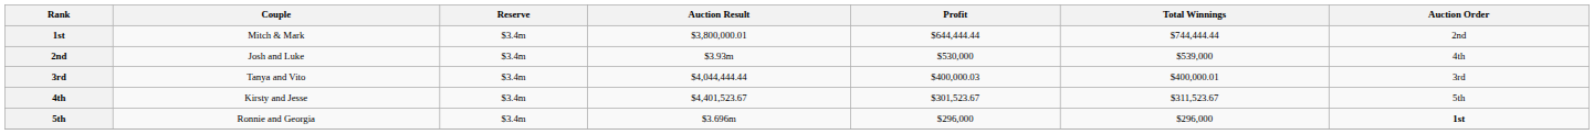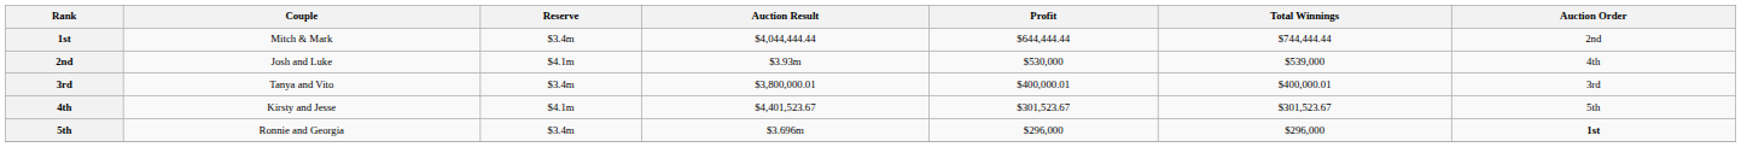 <table class="wikitable sortable" style="text-align: center; font-size: 9pt; line-height:20px; width:99%">
 <tr>
 <th>Rank</th>
 <th>Couple</th>
 <th>Reserve</th>
 <th>Auction Result</th>
 <th>Profit</th>
 <th>Total Winnings</th>
 <th>Auction Order</th>
 </tr>
 <tr>
 <th>1st</th>
 <td>Mitch  & Mark</td>
 <td>$3.4m</td>
-<td>$3,800,000.01</td>
+<td>$4,044,444.44</td>
 <td>$644,444.44</td>
 <td>$744,444.44</td>
 <td>2nd</td>
 </tr>
 <tr>
 <th>2nd</th>
 <td>Josh  and Luke</td>
-<td>$3.4m</td>
+<td>$4.1m</td>
 <td>$3.93m</td>
 <td>$530,000</td>
 <td>$539,000</td>
 <td>4th</td>
 </tr>
 <tr>
 <th>3rd</th>
 <td>Tanya and Vito</td>
 <td>$3.4m</td>
-<td>$4,044,444.44</td>
-<td>$400,000.03</td>
+<td>$3,800,000.01</td>
+<td>$400,000.01</td>
 <td>$400,000.01</td>
 <td>3rd</td>
 </tr>
 <tr>
 <th>4th</th>
 <td>Kirsty and Jesse</td>
-<td>$3.4m</td>
+<td>$4.1m</td>
 <td>$4,401,523.67</td>
 <td>$301,523.67</td>
-<td>$311,523.67</td>
+<td>$301,523.67</td>
 <td>5th</td>
 </tr>
 <tr>
 <th>5th</th>
 <td>Ronnie and Georgia</td>
 <td>$3.4m</td>
 <td>$3.696m</td>
 <td>$296,000</td>
 <td>$296,000</td>
 <td><strong>1st</strong></td>
 </tr>
 <tr>
 </tr>
 </table>
